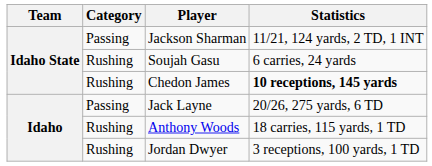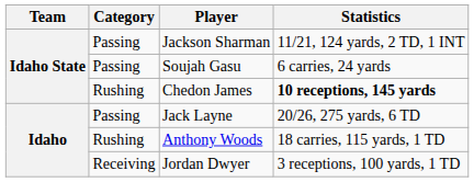 <table class="wikitable" style="float:right">
 <tr>
 <th>Team</th>
 <th>Category</th>
 <th>Player</th>
 <th>Statistics</th>
 </tr>
 <tr>
 <th rowspan=3>Idaho State</th>
 <td>Passing</td>
 <td>Jackson Sharman</td>
 <td>11/21, 124 yards, 2 TD, 1 INT</td>
 </tr>
 <tr>
-<td>Rushing</td>
+<td>Passing</td>
 <td>Soujah Gasu</td>
 <td>6 carries, 24 yards</td>
 </tr>
 <tr>
 <td>Rushing</td>
 <td>Chedon James</td>
 <td><strong>10 receptions, 145 yards</strong></td>
 </tr>
 <tr>
 <th rowspan=3>Idaho</th>
 <td>Passing</td>
 <td>Jack Layne</td>
 <td>20/26, 275 yards, 6 TD</td>
 </tr>
 <tr>
 <td>Rushing</td>
 <td><a href='#'>Anthony Woods</a></td>
 <td>18 carries, 115 yards, 1 TD</td>
 </tr>
 <tr>
-<td>Rushing</td>
+<td>Receiving</td>
 <td>Jordan Dwyer</td>
 <td>3 receptions, 100 yards, 1 TD</td>
 </tr>
 </table>
